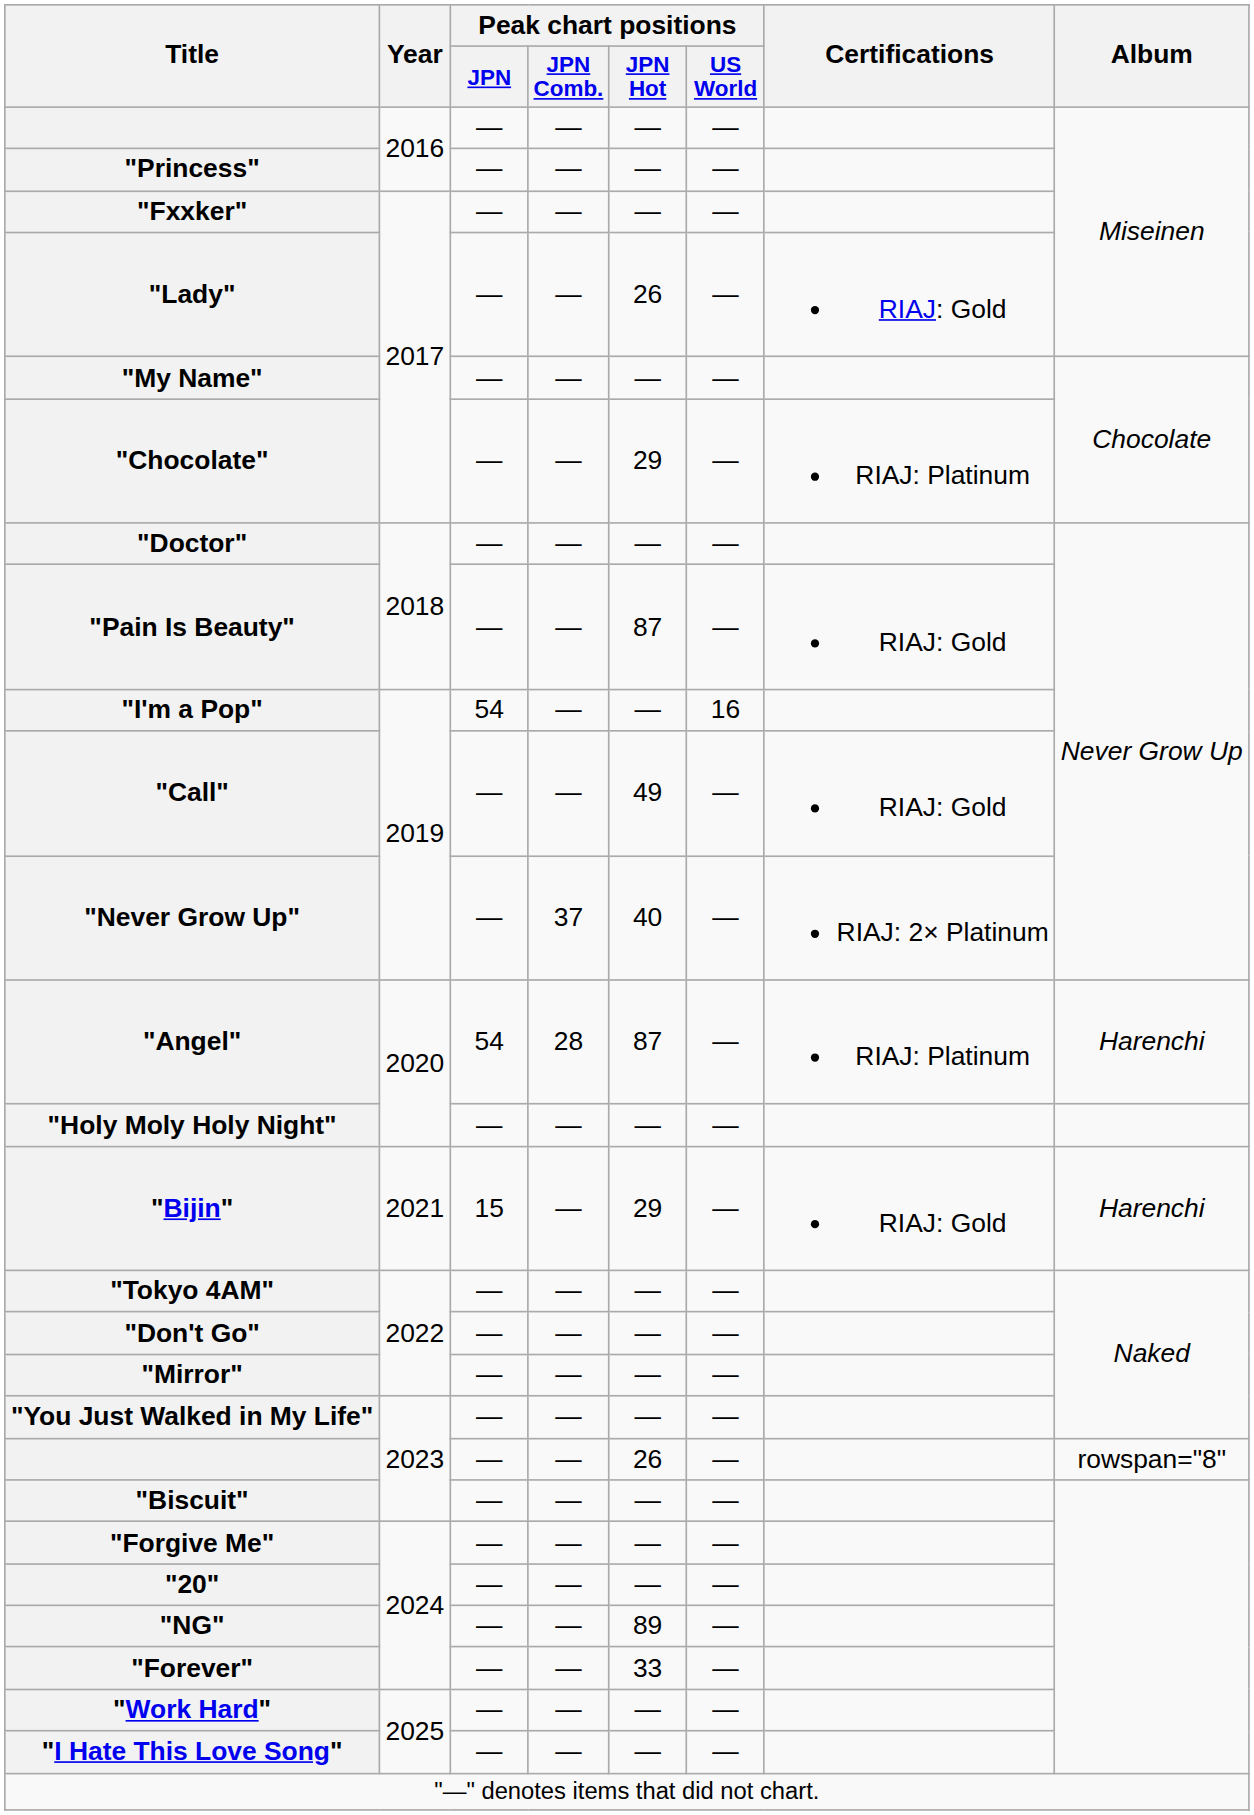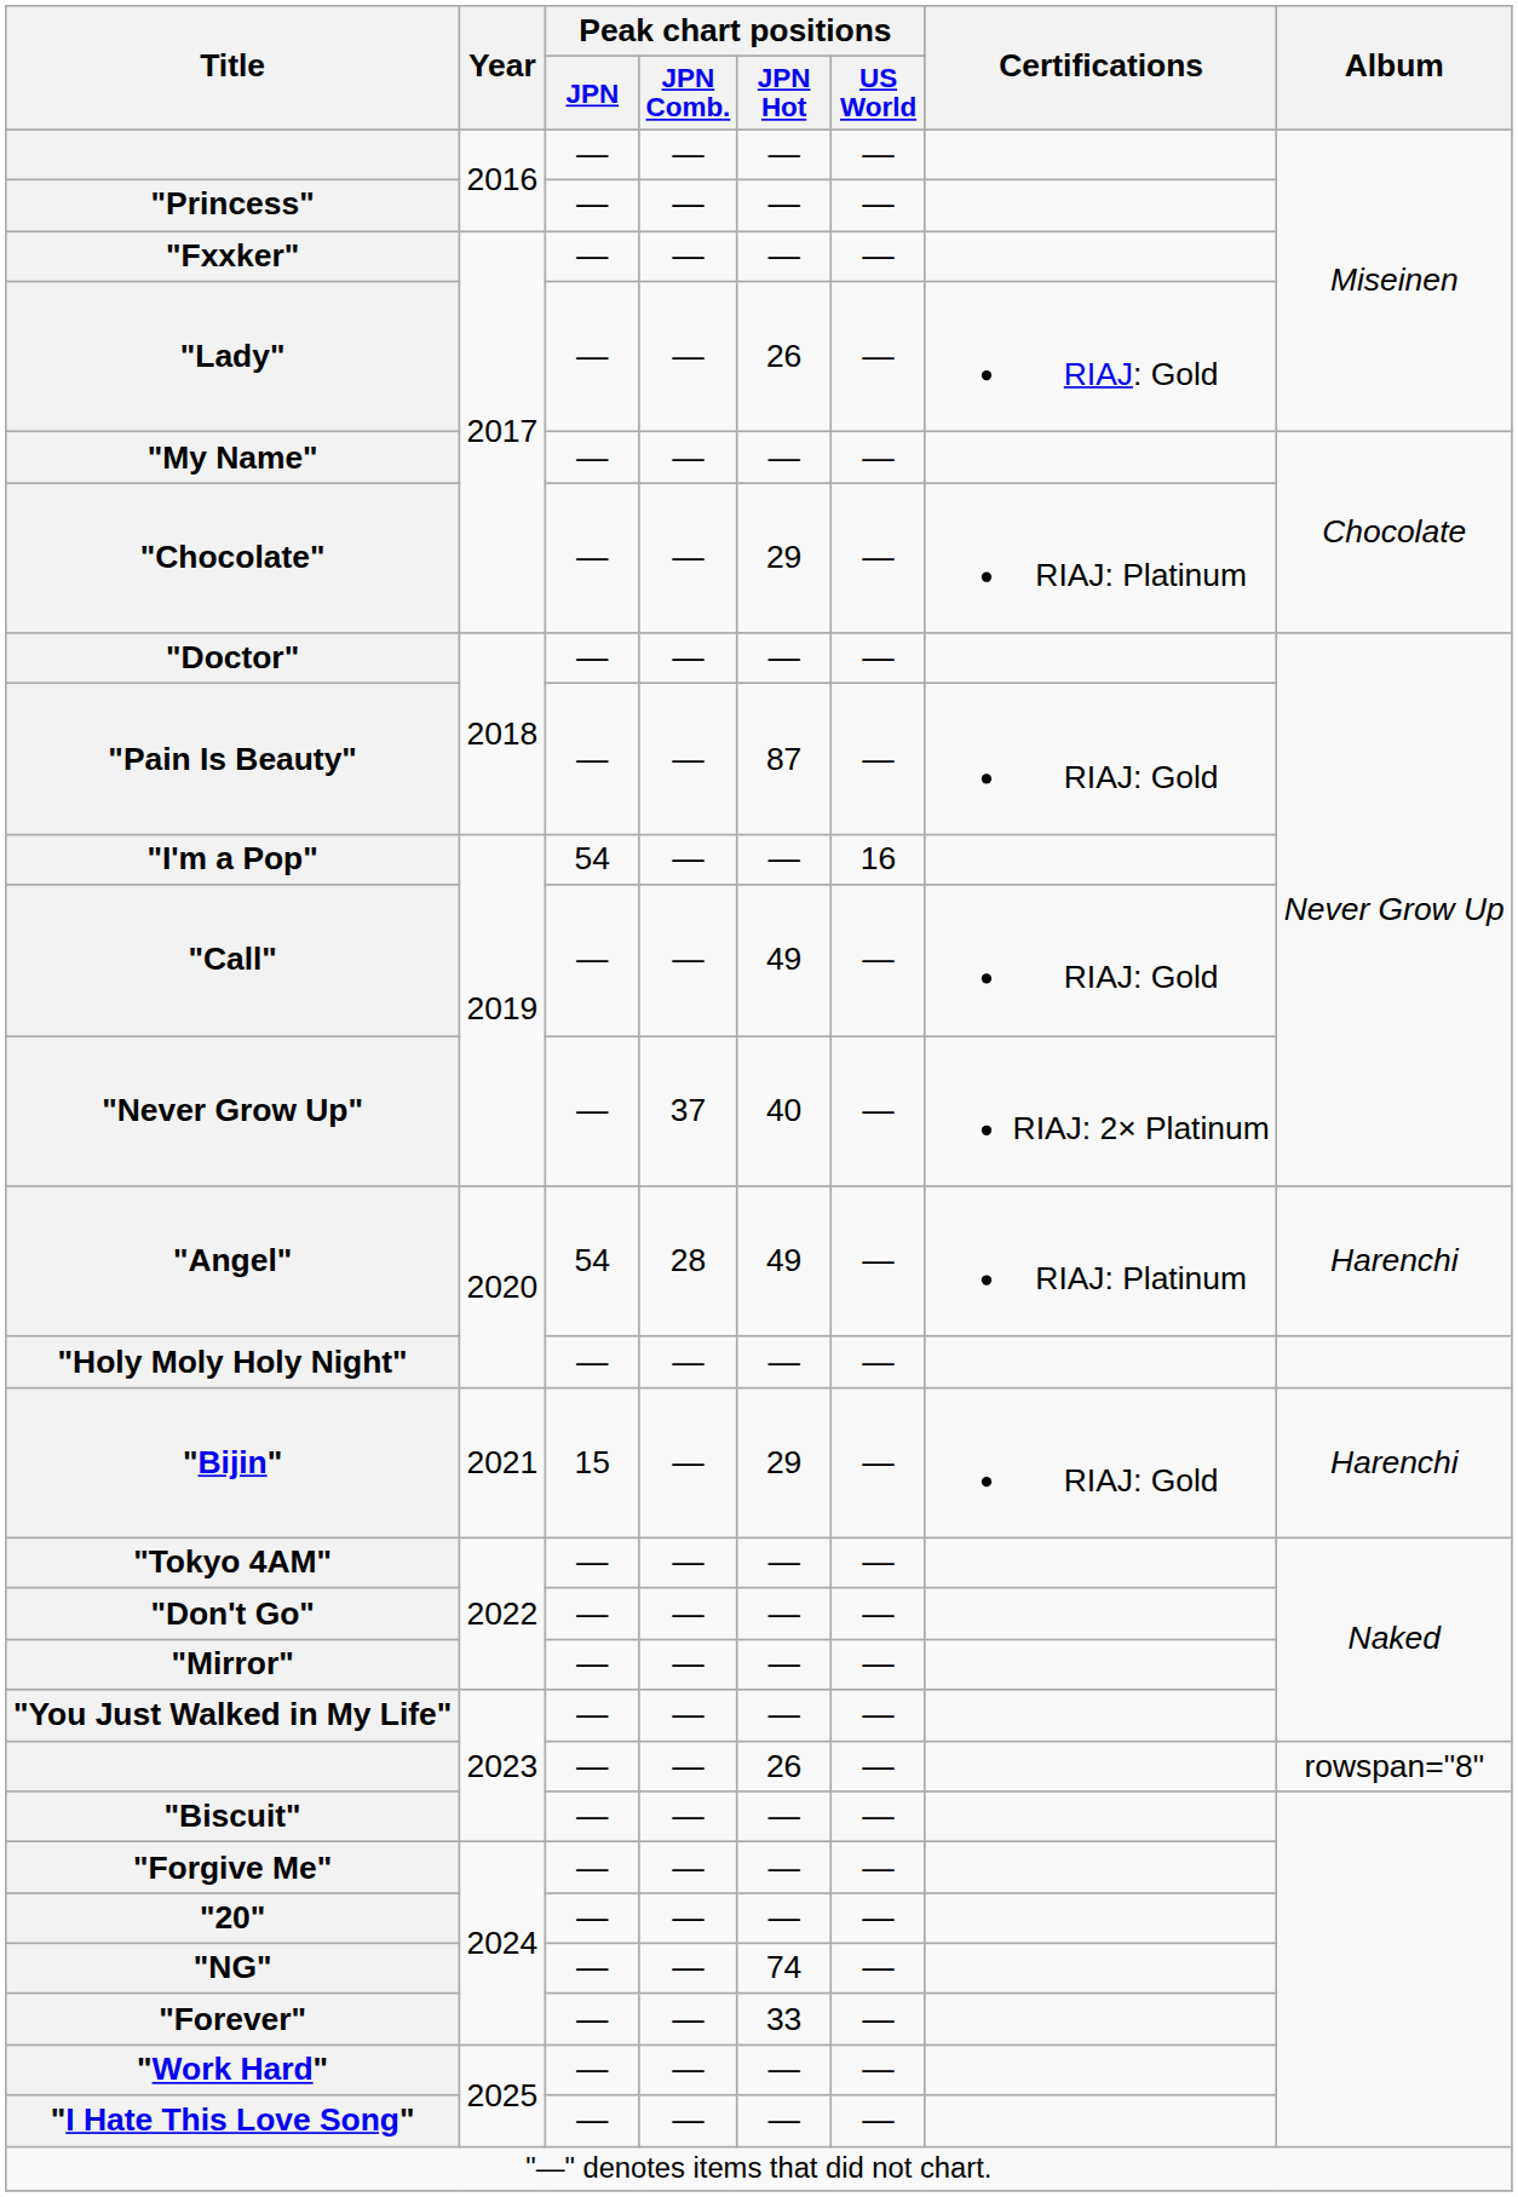 <table class="wikitable plainrowheaders" style="text-align:center;">
 <tr>
 <th scope="col" rowspan="2">Title</th>
 <th scope="col" rowspan="2">Year</th>
 <th scope="col" colspan="4">Peak chart positions</th>
 <th scope="col" rowspan="2">Certifications</th>
 <th scope="col" rowspan="2">Album</th>
 </tr>
 <tr>
 <th style="width:3em;font-size:85%"><a href='#'>JPN</a><br></th>
 <th style="width:3em;font-size:85%"><a href='#'>JPN<br>Comb.</a><br></th>
 <th style="width:3em;font-size:85%"><a href='#'>JPN<br>Hot</a><br></th>
 <th style="width:3em;font-size:85%"><a href='#'>US<br>World</a><br></th>
 </tr>
 <tr>
 <th scope="row"><br></th>
 <td rowspan="2">2016</td>
 <td>—</td>
 <td>—</td>
 <td>—</td>
 <td>—</td>
 <td></td>
 <td rowspan="4"><em>Miseinen</em></td>
 </tr>
 <tr>
 <th scope="row">"Princess"</th>
 <td>—</td>
 <td>—</td>
 <td>—</td>
 <td>—</td>
 <td></td>
 </tr>
 <tr>
 <th scope="row">"Fxxker"</th>
 <td rowspan="4">2017</td>
 <td>—</td>
 <td>—</td>
 <td>—</td>
 <td>—</td>
 <td></td>
 </tr>
 <tr>
 <th scope="row">"Lady"</th>
 <td>—</td>
 <td>—</td>
 <td>26</td>
 <td>—</td>
 <td><br><ul><li><a href='#'>RIAJ</a>: Gold </li></ul></td>
 </tr>
 <tr>
 <th scope="row">"My Name"</th>
 <td>—</td>
 <td>—</td>
 <td>—</td>
 <td>—</td>
 <td></td>
 <td rowspan="2"><em>Chocolate</em></td>
 </tr>
 <tr>
 <th scope="row">"Chocolate"</th>
 <td>—</td>
 <td>—</td>
 <td>29</td>
 <td>—</td>
 <td><br><ul><li>RIAJ: Platinum </li></ul></td>
 </tr>
 <tr>
 <th scope="row">"Doctor"</th>
 <td rowspan="2">2018</td>
 <td>—</td>
 <td>—</td>
 <td>—</td>
 <td>—</td>
 <td></td>
 <td rowspan="5"><em>Never Grow Up</em></td>
 </tr>
 <tr>
 <th scope="row">"Pain Is Beauty"</th>
 <td>—</td>
 <td>—</td>
 <td>87</td>
 <td>—</td>
 <td><br><ul><li>RIAJ: Gold </li></ul></td>
 </tr>
 <tr>
 <th scope="row">"I'm a Pop"</th>
 <td rowspan="3">2019</td>
 <td>54</td>
 <td>—</td>
 <td>—</td>
 <td>16</td>
 <td></td>
 </tr>
 <tr>
 <th scope="row">"Call"</th>
 <td>—</td>
 <td>—</td>
 <td>49</td>
 <td>—</td>
 <td><br><ul><li>RIAJ: Gold </li></ul></td>
 </tr>
 <tr>
 <th scope="row">"Never Grow Up"</th>
 <td>—</td>
 <td>37</td>
 <td>40</td>
 <td>—</td>
 <td><br><ul><li>RIAJ: 2× Platinum </li></ul></td>
 </tr>
 <tr>
 <th scope="row">"Angel"</th>
 <td rowspan="2">2020</td>
 <td>54</td>
 <td>28</td>
-<td>87</td>
+<td>49</td>
 <td>—</td>
 <td><br><ul><li>RIAJ: Platinum </li></ul></td>
 <td><em>Harenchi</em></td>
 </tr>
 <tr>
 <th scope="row">"Holy Moly Holy Night"<br></th>
 <td>—</td>
 <td>—</td>
 <td>—</td>
 <td>—</td>
 <td></td>
 <td></td>
 </tr>
 <tr>
 <th scope="row">"<a href='#'>Bijin</a>"</th>
 <td>2021</td>
 <td>15</td>
 <td>—</td>
 <td>29</td>
 <td>—</td>
 <td><br><ul><li>RIAJ: Gold </li></ul></td>
 <td><em>Harenchi</em></td>
 </tr>
 <tr>
 <th scope="row">"Tokyo 4AM"</th>
 <td rowspan="3">2022</td>
 <td>—</td>
 <td>—</td>
 <td>—</td>
 <td>—</td>
 <td></td>
 <td rowspan="4"><em>Naked</em></td>
 </tr>
 <tr>
 <th scope="row">"Don't Go"<br></th>
 <td>—</td>
 <td>—</td>
 <td>—</td>
 <td>—</td>
 <td></td>
 </tr>
 <tr>
 <th scope="row">"Mirror"</th>
 <td>—</td>
 <td>—</td>
 <td>—</td>
 <td>—</td>
 <td></td>
 </tr>
 <tr>
 <th scope="row">"You Just Walked in My Life"</th>
 <td rowspan="3">2023</td>
 <td>—</td>
 <td>—</td>
 <td>—</td>
 <td>—</td>
 <td></td>
 </tr>
 <tr>
 <th scope="row"></th>
 <td>—</td>
 <td>—</td>
 <td>26</td>
 <td>—</td>
 <td></td>
 <td>rowspan="8" </td>
 </tr>
 <tr>
 <th scope="row">"Biscuit"</th>
 <td>—</td>
 <td>—</td>
 <td>—</td>
 <td>—</td>
 <td></td>
 </tr>
 <tr>
 <th scope="row">"Forgive Me"</th>
 <td rowspan="4">2024</td>
 <td>—</td>
 <td>—</td>
 <td>—</td>
 <td>—</td>
 <td></td>
 </tr>
 <tr>
 <th scope="row">"20"<br></th>
 <td>—</td>
 <td>—</td>
 <td>—</td>
 <td>—</td>
 <td></td>
 </tr>
 <tr>
 <th scope="row">"NG"</th>
 <td>—</td>
 <td>—</td>
-<td>89</td>
+<td>74</td>
 <td>—</td>
 <td></td>
 </tr>
 <tr>
 <th scope="row">"Forever"</th>
 <td>—</td>
 <td>—</td>
 <td>33</td>
 <td>—</td>
 <td></td>
 </tr>
 <tr>
 <th scope="row">"<a href='#'>Work Hard</a>"</th>
 <td rowspan="2">2025</td>
 <td>—</td>
 <td>—</td>
 <td>—</td>
 <td>—</td>
 <td></td>
 </tr>
 <tr>
 <th scope="row">"<a href='#'>I Hate This Love Song</a>"</th>
 <td>—</td>
 <td>—</td>
 <td>—</td>
 <td>—</td>
 <td></td>
 </tr>
 <tr>
 <td colspan="12" align="center" style="font-size:90%;">"—" denotes items that did not chart.</td>
 </tr>
 </table>
